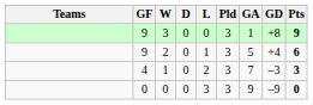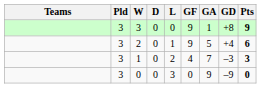 <table class="wikitable" style="text-align: center;">
 <tr>
 <th width=165>Teams</th>
-<th width=20>GF</th>
+<th width=20>Pld</th>
 <th width=20>W</th>
 <th width=20>D</th>
 <th width=20>L</th>
-<th width=20>Pld</th>
+<th width=20>GF</th>
 <th width=20>GA</th>
 <th width=20>GD</th>
 <th width=20>Pts</th>
 </tr>
 <tr align=center style="background:#ccffcc;">
 <td style="text-align:left;"></td>
-<td>9</td>
+<td>3</td>
 <td>3</td>
 <td>0</td>
 <td>0</td>
-<td>3</td>
+<td>9</td>
 <td>1</td>
 <td>+8</td>
 <td><strong>9</strong></td>
 </tr>
 <tr align=center>
 <td style="text-align:left;"></td>
-<td>9</td>
+<td>3</td>
 <td>2</td>
 <td>0</td>
 <td>1</td>
-<td>3</td>
+<td>9</td>
 <td>5</td>
 <td>+4</td>
 <td><strong>6</strong></td>
 </tr>
 <tr align=center>
 <td style="text-align:left;"></td>
-<td>4</td>
+<td>3</td>
 <td>1</td>
 <td>0</td>
 <td>2</td>
-<td>3</td>
+<td>4</td>
 <td>7</td>
 <td>–3</td>
 <td><strong>3</strong></td>
 </tr>
 <tr align=center>
 <td style="text-align:left;"></td>
-<td>0</td>
+<td>3</td>
 <td>0</td>
 <td>0</td>
 <td>3</td>
-<td>3</td>
+<td>0</td>
 <td>9</td>
 <td>–9</td>
 <td><strong>0</strong></td>
 </tr>
 </table>
